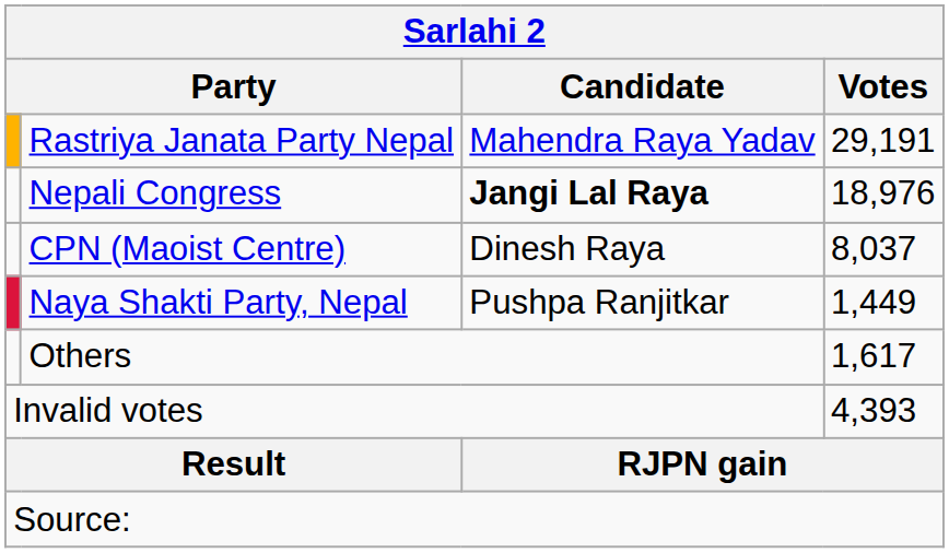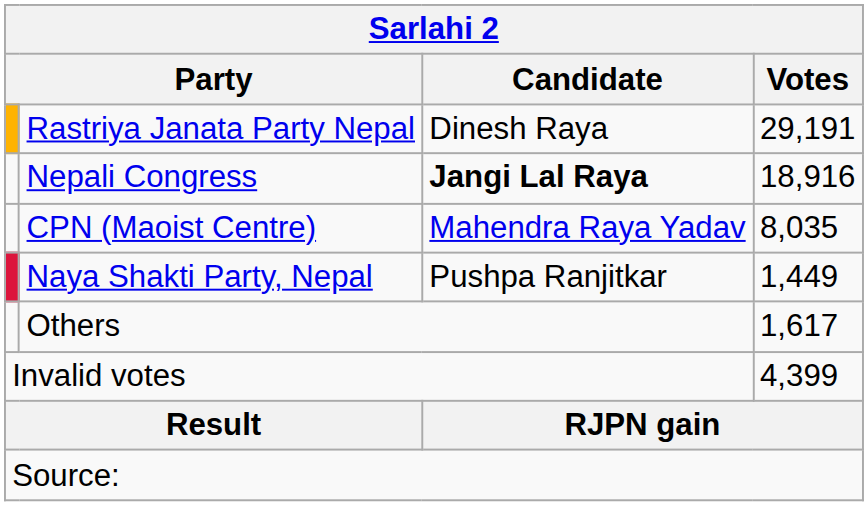 <table class="wikitable">
 <tr>
 <th colspan="4"><a href='#'>Sarlahi 2</a></th>
 </tr>
 <tr>
 <th colspan="2">Party</th>
 <th>Candidate</th>
 <th>Votes</th>
 </tr>
 <tr>
 <td style="background-color:#ffb300"></td>
 <td><a href='#'>Rastriya Janata Party Nepal</a></td>
-<td><a href='#'>Mahendra Raya Yadav</a></td>
+<td>Dinesh Raya</td>
 <td>29,191</td>
 </tr>
 <tr>
 <td style="background-color:"></td>
 <td><a href='#'>Nepali Congress</a></td>
 <td><strong>Jangi Lal Raya</strong></td>
-<td>18,976</td>
+<td>18,916</td>
 </tr>
 <tr>
 <td style="background-color:"></td>
 <td><a href='#'>CPN (Maoist Centre)</a></td>
-<td>Dinesh Raya</td>
-<td>8,037</td>
+<td><a href='#'>Mahendra Raya Yadav</a></td>
+<td>8,035</td>
 </tr>
 <tr>
 <td style="background-color:crimson"></td>
 <td><a href='#'>Naya Shakti Party, Nepal</a></td>
 <td>Pushpa Ranjitkar</td>
 <td>1,449</td>
 </tr>
 <tr>
 <td></td>
 <td colspan="2">Others</td>
 <td>1,617</td>
 </tr>
 <tr>
 <td colspan="3">Invalid votes</td>
-<td>4,393</td>
+<td>4,399</td>
 </tr>
 <tr>
 <th colspan="2">Result</th>
 <th colspan="2">RJPN gain</th>
 </tr>
 <tr>
 <td colspan="4">Source: </td>
 </tr>
 </table>
